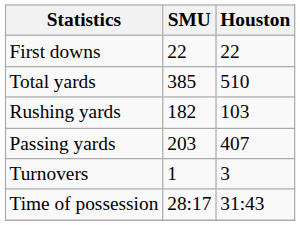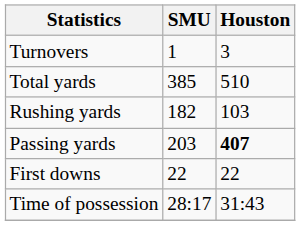 <table class="wikitable" style="float: right;">
 <tr>
 <th>Statistics</th>
 <th>SMU</th>
 <th>Houston</th>
 </tr>
 <tr>
-<td>First downs</td>
-<td>22</td>
-<td>22</td>
+<td>Turnovers</td>
+<td>1</td>
+<td>3</td>
 </tr>
 <tr>
 <td>Total yards</td>
 <td>385</td>
 <td>510</td>
 </tr>
 <tr>
 <td>Rushing yards</td>
 <td>182</td>
 <td>103</td>
 </tr>
 <tr>
 <td>Passing yards</td>
 <td>203</td>
-<td>407</td>
+<td><strong>407</strong></td>
 </tr>
 <tr>
-<td>Turnovers</td>
-<td>1</td>
-<td>3</td>
+<td>First downs</td>
+<td>22</td>
+<td>22</td>
 </tr>
 <tr>
 <td>Time of possession</td>
 <td>28:17</td>
 <td>31:43</td>
 </tr>
 <tr>
 </tr>
 </table>
